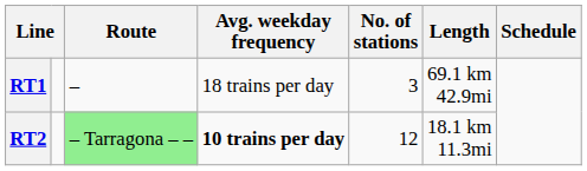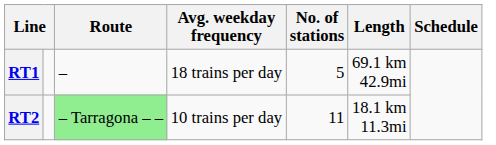 <table class="sortable wikitable">
 <tr>
 <th colspan="2">Line</th>
 <th class="unsortable">Route</th>
 <th>Avg. weekday<br> frequency</th>
 <th data-sort-type="number">No. of<br>stations</th>
 <th>Length</th>
 <th class="unsortable">Schedule</th>
 </tr>
 <tr>
 <th><a href='#'>RT1</a></th>
 <td width=4px style="background-color:#"></td>
 <td> – </td>
 <td>18 trains per day</td>
-<td style="text-align:right;">3</td>
+<td style="text-align:right;">5</td>
 <td style="text-align:right;">69.1 km<br>42.9mi</td>
 <td rowspan="2" style="text-align:center;"></td>
 </tr>
 <tr>
 <th><a href='#'>RT2</a></th>
 <td style="background-color:#"></td>
 <td style="background: lightgreen;"> – Tarragona –  – </td>
-<td><strong>10 trains per day</strong></td>
-<td style="text-align:right;">12</td>
+<td>10 trains per day</td>
+<td style="text-align:right;">11</td>
 <td style="text-align:right;">18.1 km<br>11.3mi</td>
 </tr>
 </table>
